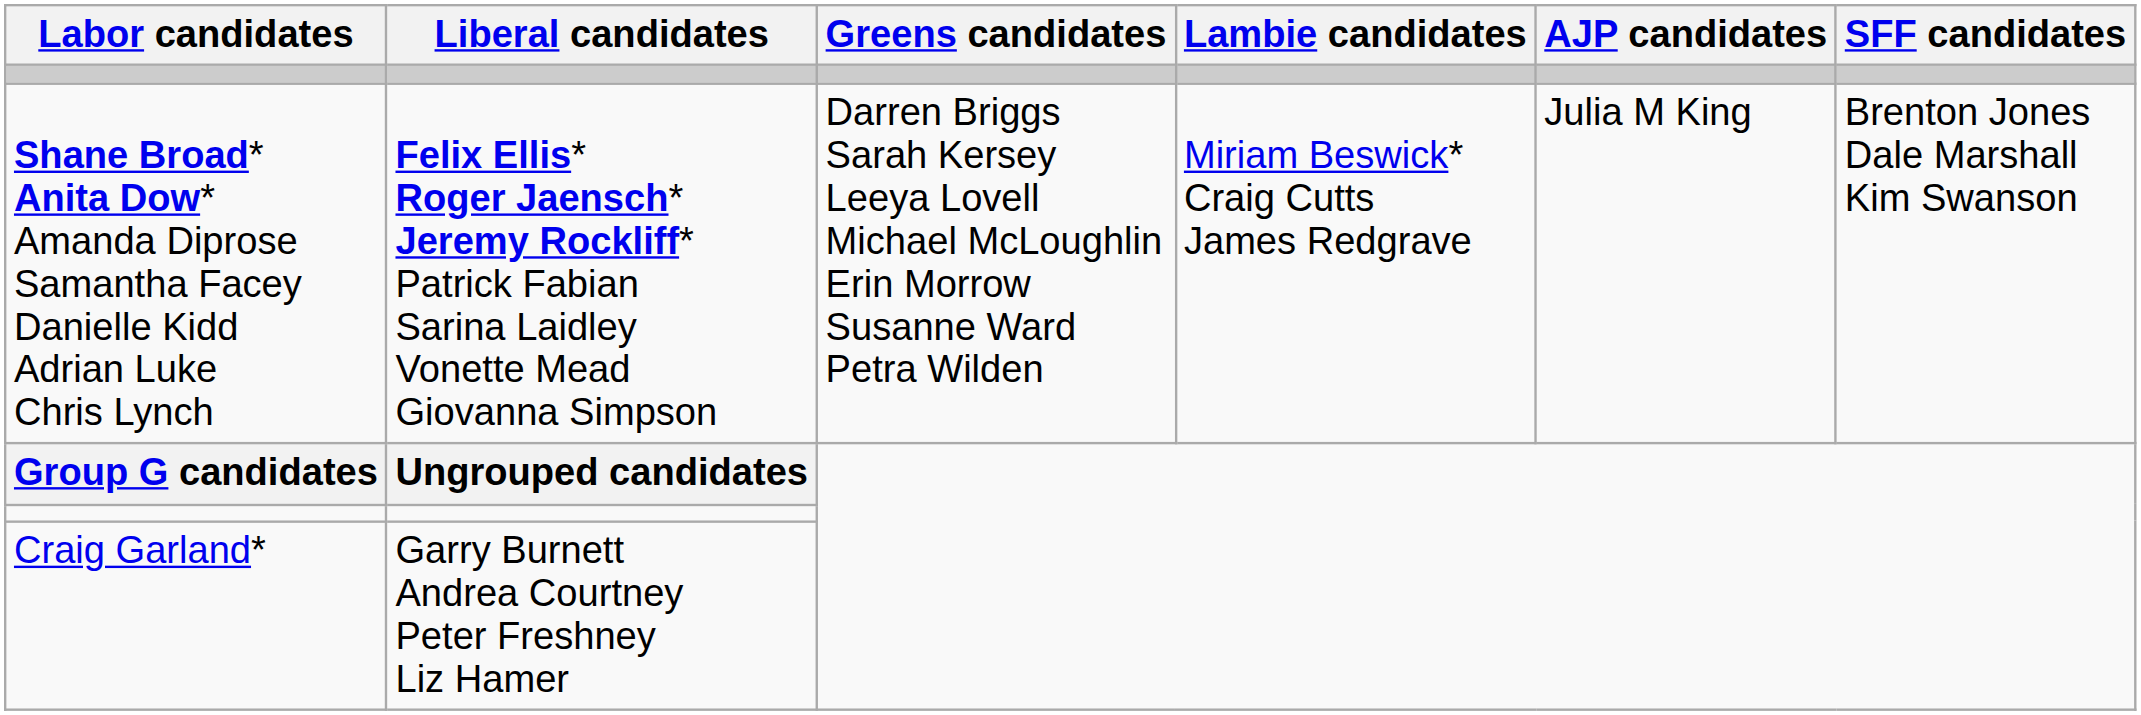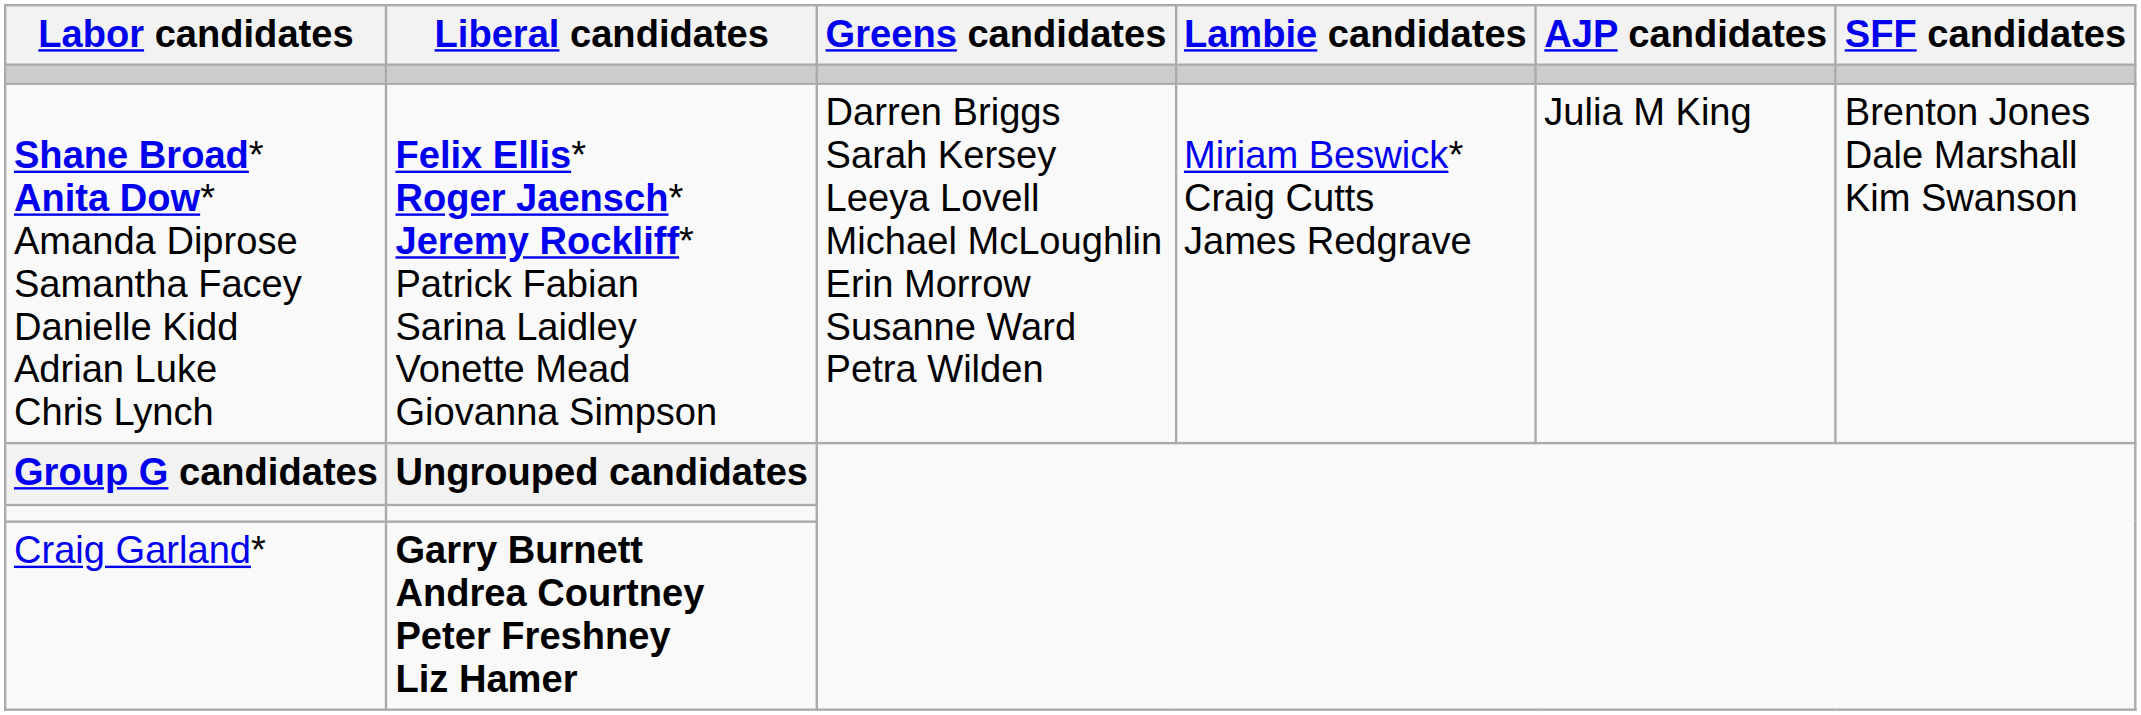 <table class="wikitable">
 <tr>
 <th><a href='#'>Labor</a> candidates</th>
 <th><a href='#'>Liberal</a> candidates</th>
 <th><a href='#'>Greens</a> candidates</th>
 <th><a href='#'>Lambie</a> candidates</th>
 <th><a href='#'>AJP</a> candidates</th>
 <th><a href='#'>SFF</a> candidates</th>
 </tr>
 <tr bgcolor="#cccccc">
 <td></td>
 <td></td>
 <td></td>
 <td></td>
 <td></td>
 <td></td>
 </tr>
 <tr>
 <td valign=top ><br><strong><a href='#'>Shane Broad</a></strong>* <br>  <strong><a href='#'>Anita Dow</a></strong>* <br> Amanda Diprose <br>  Samantha Facey <br>  Danielle Kidd <br>  Adrian Luke <br>  Chris Lynch</td>
 <td valign=top ><br><strong><a href='#'>Felix Ellis</a></strong>* <br>  <strong><a href='#'>Roger Jaensch</a></strong>* <br>  <strong><a href='#'>Jeremy Rockliff</a></strong>* <br>  Patrick Fabian <br>  Sarina Laidley <br>  Vonette Mead <br>  Giovanna Simpson</td>
 <td valign=top>Darren Briggs <br> Sarah Kersey <br> Leeya Lovell <br> Michael McLoughlin <br> Erin Morrow <br> Susanne Ward <br> Petra Wilden</td>
 <td valign=top ><br><a href='#'>Miriam Beswick</a>* <br>  Craig Cutts <br>  James Redgrave</td>
 <td valign=top>Julia M King</td>
 <td valign=top>Brenton Jones <br> Dale Marshall <br> Kim Swanson</td>
 </tr>
 <tr>
 <th><a href='#'>Group G</a> candidates</th>
 <th>Ungrouped candidates</th>
 </tr>
 <tr>
 <td></td>
 <td></td>
 </tr>
 <tr>
 <td valign=top ><a href='#'>Craig Garland</a>*</td>
-<td valign=top>Garry Burnett  <br> Andrea Courtney <br> Peter Freshney <br> Liz Hamer</td>
+<td valign=top><strong>Garry Burnett  <br> Andrea Courtney <br> Peter Freshney <br> Liz Hamer</strong></td>
 </tr>
 </table>
